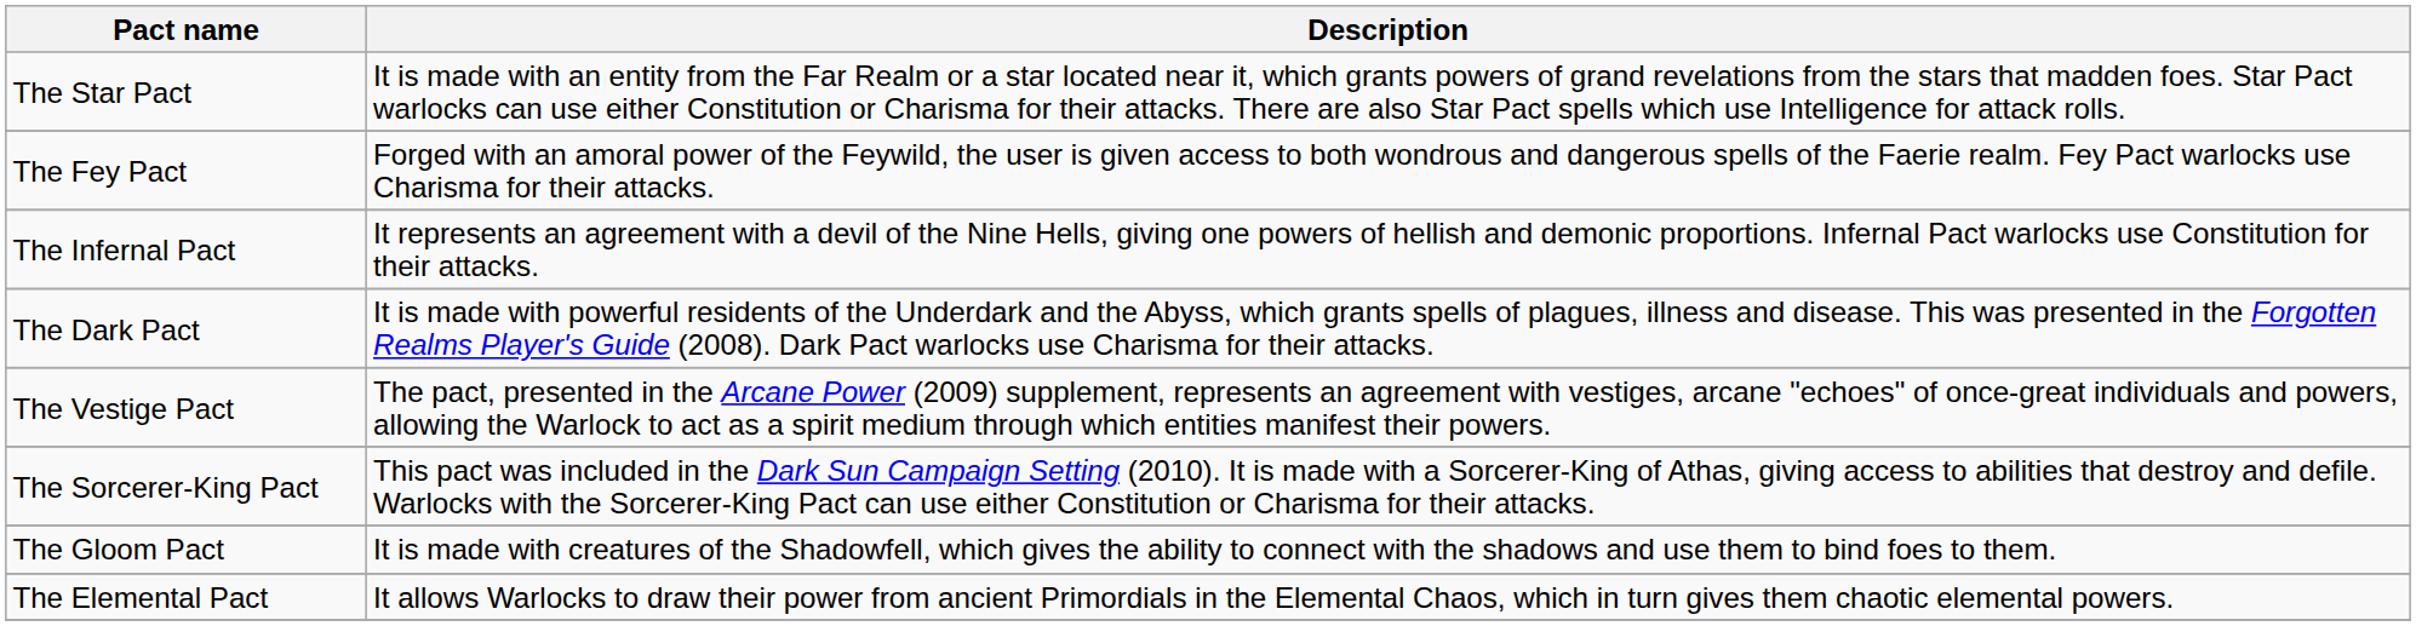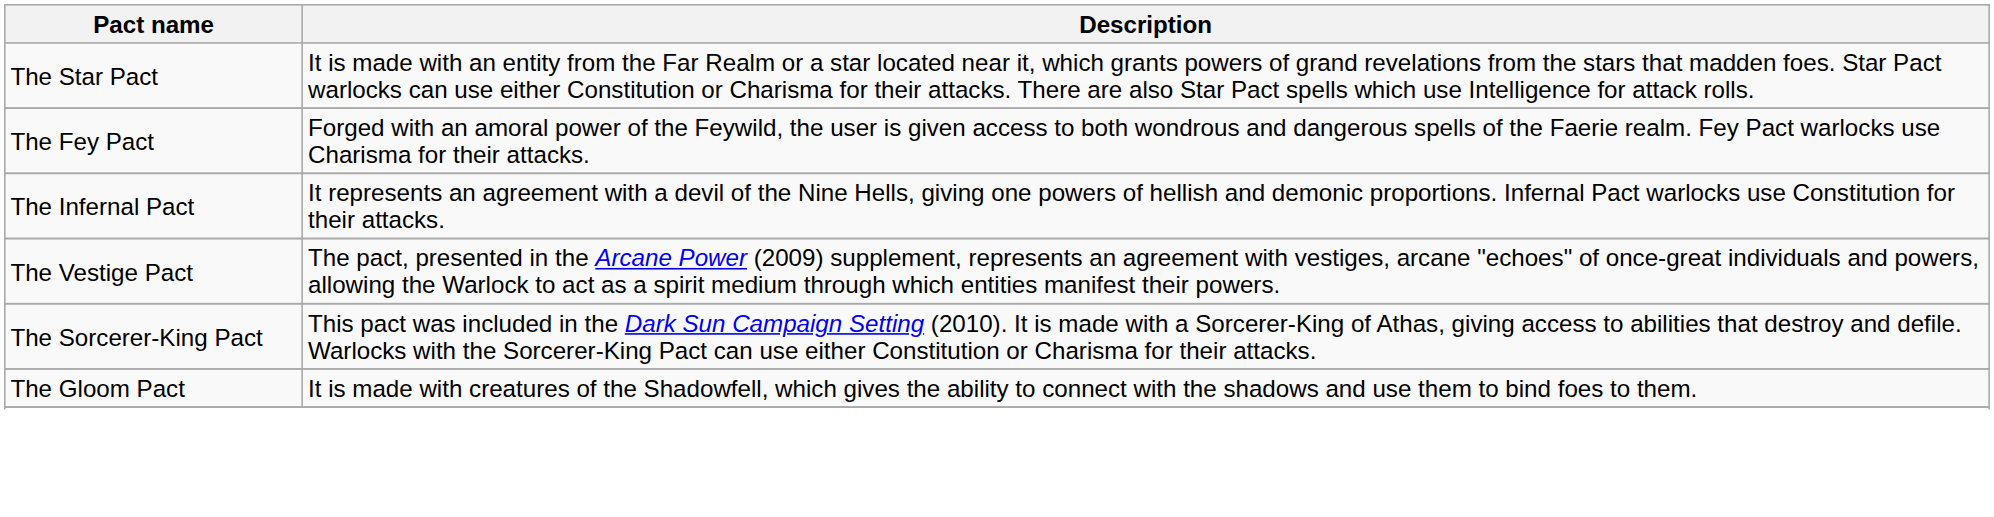 <table class="wikitable sortable" style="margins:auto; width=95%; font-size: 95%;">
 <tr>
 <th width="15%">Pact name</th>
 <th width="85%">Description</th>
 </tr>
 <tr>
 <td>The Star Pact</td>
 <td>It is made with an entity from the Far Realm or a star located near it, which grants powers of grand revelations from the stars that madden foes. Star Pact warlocks can use either Constitution or Charisma for their attacks. There are also Star Pact spells which use Intelligence for attack rolls.</td>
 </tr>
 <tr>
 </tr>
 <tr>
 <td>The Fey Pact</td>
 <td>Forged with an amoral power of the Feywild, the user is given access to both wondrous and dangerous spells of the Faerie realm. Fey Pact warlocks use Charisma for their attacks.</td>
 </tr>
 <tr>
 </tr>
 <tr>
 <td>The Infernal Pact</td>
 <td>It represents an agreement with a devil of the Nine Hells, giving one powers of hellish and demonic proportions. Infernal Pact warlocks use Constitution for their attacks.</td>
 </tr>
 <tr>
 </tr>
 <tr>
-<td>The Dark Pact</td>
-<td>It is made with powerful residents of the Underdark and the Abyss, which grants spells of plagues, illness and disease. This was presented in the <em><a href='#'>Forgotten Realms Player's Guide</a></em> (2008). Dark Pact warlocks use Charisma for their attacks.</td>
-</tr>
-<tr>
 </tr>
 <tr>
 <td>The Vestige Pact</td>
 <td>The pact, presented in the <em><a href='#'>Arcane Power</a></em> (2009) supplement, represents an agreement with vestiges, arcane "echoes" of once-great individuals and powers, allowing the Warlock to act as a spirit medium through which entities manifest their powers.</td>
 </tr>
 <tr>
 </tr>
 <tr>
 <td>The Sorcerer-King Pact</td>
 <td>This pact was included in the <em><a href='#'>Dark Sun Campaign Setting</a></em> (2010). It is made with a Sorcerer-King of Athas, giving access to abilities that destroy and defile. Warlocks with the Sorcerer-King Pact can use either Constitution or Charisma for their attacks.</td>
 </tr>
 <tr>
 </tr>
 <tr>
 <td>The Gloom Pact</td>
 <td>It is made with creatures of the Shadowfell, which gives the ability to connect with the shadows and use them to bind foes to them.</td>
 </tr>
 <tr>
 </tr>
 <tr>
-<td>The Elemental Pact</td>
-<td>It allows Warlocks to draw their power from ancient Primordials in the Elemental Chaos, which in turn gives them chaotic elemental powers.</td>
-</tr>
-<tr>
 </tr>
 </table>
